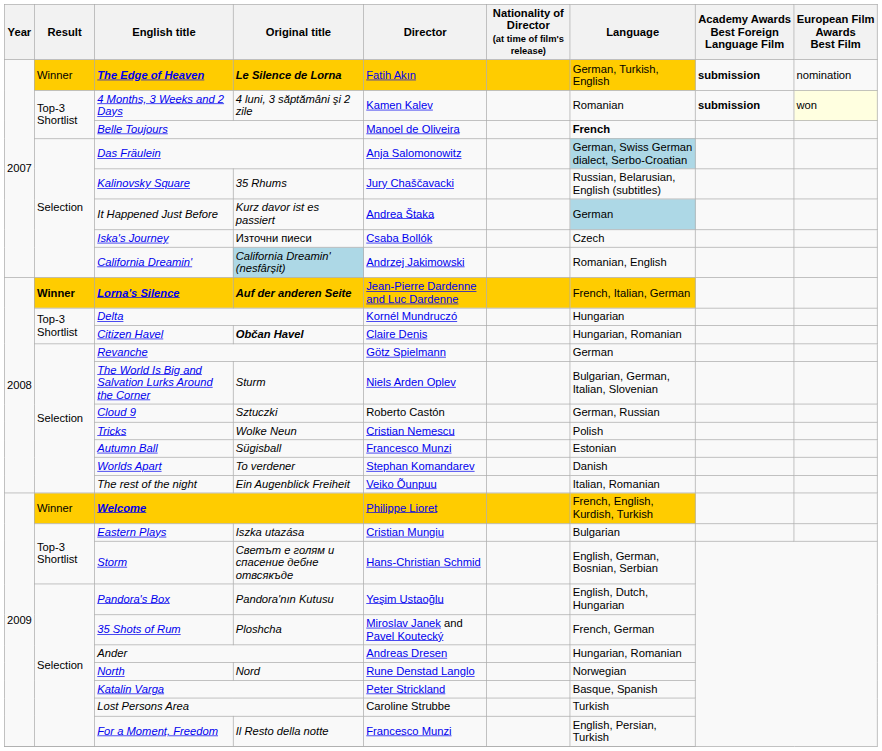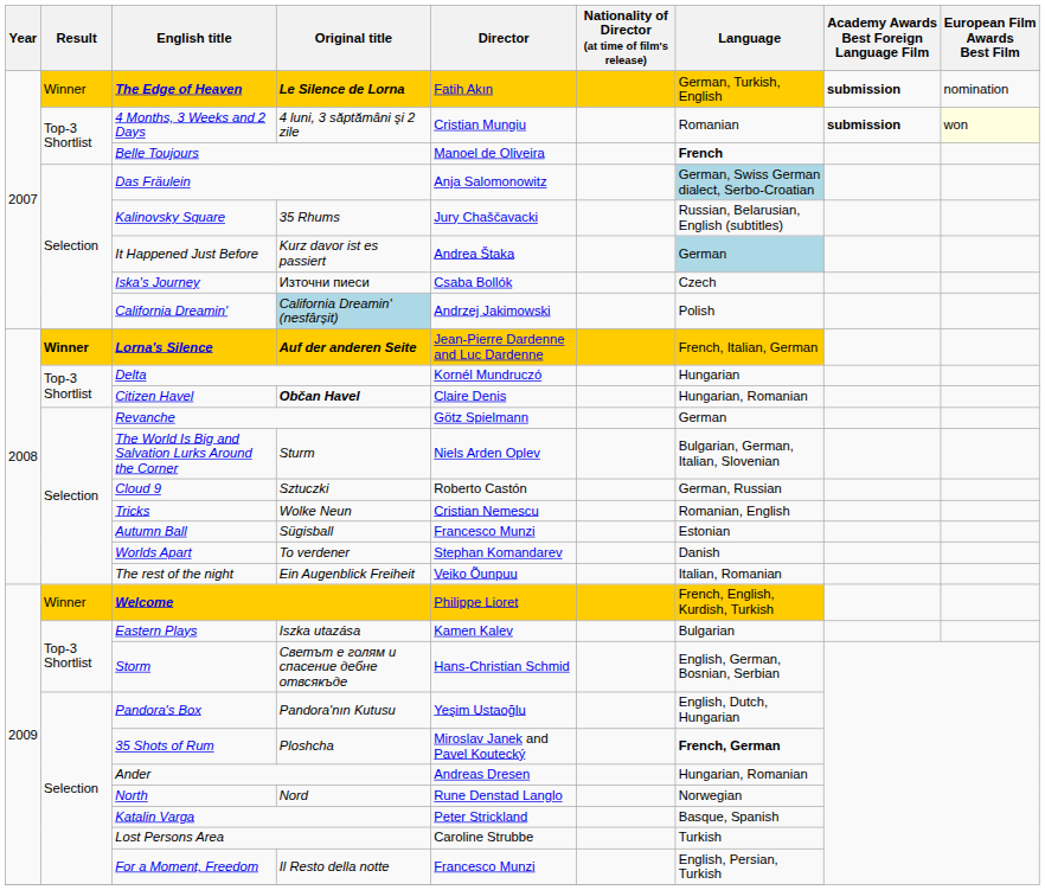 <table class="wikitable">
 <tr>
 <th>Year</th>
 <th>Result</th>
 <th>English title</th>
 <th>Original title</th>
 <th>Director</th>
 <th>Nationality of Director<br><small>(at time of film's release)</small></th>
 <th>Language</th>
 <th>Academy Awards <br>Best Foreign Language Film</th>
 <th>European Film Awards <br>Best Film</th>
 </tr>
 <tr>
 <td rowspan="8">2007</td>
 <td style="background:#FFCC00;">Winner</td>
 <td style="background:#FFCC00;"><strong><em><a href='#'>The Edge of Heaven</a></em></strong></td>
 <td style="background:#FFCC00;"><strong><em>Le Silence de Lorna</em></strong></td>
 <td style="background:#FFCC00;"><a href='#'>Fatih Akın</a></td>
 <td style="background:#FFCC00;"></td>
 <td style="background:#FFCC00;">German, Turkish, English</td>
 <td><strong>submission</strong></td>
 <td>nomination</td>
 </tr>
 <tr>
 <td rowspan="2">Top-3 Shortlist</td>
 <td><em><a href='#'>4 Months, 3 Weeks and 2 Days</a></em></td>
 <td><em>4 luni, 3 săptămâni şi 2 zile</em></td>
-<td><a href='#'>Kamen Kalev</a></td>
+<td><a href='#'>Cristian Mungiu</a></td>
 <td></td>
 <td>Romanian</td>
 <td><strong>submission</strong></td>
 <td style="background: lightyellow;">won</td>
 </tr>
 <tr>
 <td colspan="2"><em><a href='#'>Belle Toujours</a></em></td>
 <td><a href='#'>Manoel de Oliveira</a></td>
 <td></td>
 <td><strong>French</strong></td>
 <td></td>
 <td></td>
 </tr>
 <tr>
 <td rowspan="5">Selection</td>
 <td colspan="2"><em><a href='#'>Das Fräulein</a></em></td>
 <td><a href='#'>Anja Salomonowitz</a></td>
 <td></td>
 <td style="background: lightblue;">German, Swiss German dialect, Serbo-Croatian</td>
 <td></td>
 <td></td>
 </tr>
 <tr>
 <td><em><a href='#'>Kalinovsky Square</a></em></td>
 <td><em>35 Rhums</em></td>
 <td><a href='#'>Jury Chaščavacki</a></td>
 <td></td>
 <td>Russian, Belarusian, English (subtitles)</td>
 <td></td>
 <td></td>
 </tr>
 <tr>
 <td><em>It Happened Just Before</em></td>
 <td><em>Kurz davor ist es passiert</em></td>
 <td><a href='#'>Andrea Štaka</a></td>
 <td></td>
 <td style="background: lightblue;">German</td>
 <td></td>
 <td></td>
 </tr>
 <tr>
 <td><em><a href='#'>Iska's Journey</a></em></td>
 <td>Източни пиеси</td>
 <td><a href='#'>Csaba Bollók</a></td>
 <td></td>
 <td>Czech</td>
 <td></td>
 <td></td>
 </tr>
 <tr>
 <td><em><a href='#'>California Dreamin'</a></em></td>
 <td style="background: lightblue;"><em>California Dreamin' (nesfârșit)</em></td>
 <td><a href='#'>Andrzej Jakimowski</a></td>
 <td></td>
-<td>Romanian, English</td>
+<td>Polish</td>
 <td></td>
 <td></td>
 </tr>
 <tr>
 <td rowspan="10">2008</td>
 <td style="background:#FFCC00;"><strong>Winner</strong></td>
 <td style="background:#FFCC00;"><strong><em><a href='#'>Lorna's Silence</a></em></strong></td>
 <td style="background:#FFCC00;"><strong><em>Auf der anderen Seite</em></strong></td>
 <td style="background:#FFCC00;"><a href='#'>Jean-Pierre Dardenne and Luc Dardenne</a></td>
 <td style="background:#FFCC00;"></td>
 <td style="background:#FFCC00;">French, Italian, German</td>
 <td></td>
 <td></td>
 </tr>
 <tr>
 <td rowspan="2">Top-3 Shortlist</td>
 <td colspan="2"><em><a href='#'>Delta</a></em></td>
 <td><a href='#'>Kornél Mundruczó</a></td>
 <td></td>
 <td>Hungarian</td>
 <td></td>
 <td></td>
 </tr>
 <tr>
 <td><em><a href='#'>Citizen Havel</a></em></td>
 <td><strong><em>Občan Havel</em></strong></td>
 <td><a href='#'>Claire Denis</a></td>
 <td></td>
 <td>Hungarian, Romanian</td>
 <td></td>
 <td></td>
 </tr>
 <tr>
 <td rowspan="7">Selection</td>
 <td colspan="2"><em><a href='#'>Revanche</a></em></td>
 <td><a href='#'>Götz Spielmann</a></td>
 <td></td>
 <td>German</td>
 <td></td>
 <td></td>
 </tr>
 <tr>
 <td><em><a href='#'>The World Is Big and Salvation Lurks Around the Corner</a></em></td>
 <td><em>Sturm</em></td>
 <td><a href='#'>Niels Arden Oplev</a></td>
 <td></td>
 <td>Bulgarian, German, Italian, Slovenian</td>
 <td></td>
 <td></td>
 </tr>
 <tr>
 <td><em><a href='#'>Cloud 9</a></em></td>
 <td><em>Sztuczki</em></td>
 <td>Roberto Castón</td>
 <td></td>
 <td>German, Russian</td>
 <td></td>
 <td></td>
 </tr>
 <tr>
 <td><em><a href='#'>Tricks</a></em></td>
 <td><em>Wolke Neun</em></td>
 <td><a href='#'>Cristian Nemescu</a></td>
 <td></td>
-<td>Polish</td>
+<td>Romanian, English</td>
 <td></td>
 <td></td>
 </tr>
 <tr>
 <td><em><a href='#'>Autumn Ball</a></em></td>
 <td><em>Sügisball</em></td>
 <td><a href='#'>Francesco Munzi</a></td>
 <td></td>
 <td>Estonian</td>
 <td></td>
 <td></td>
 </tr>
 <tr>
 <td><em><a href='#'>Worlds Apart</a></em></td>
 <td><em>To verdener</em></td>
 <td><a href='#'>Stephan Komandarev</a></td>
 <td></td>
 <td>Danish</td>
 <td></td>
 <td></td>
 </tr>
 <tr>
 <td><em>The rest of the night </em></td>
 <td><em>Ein Augenblick Freiheit</em></td>
 <td><a href='#'>Veiko Õunpuu</a></td>
 <td></td>
 <td>Italian, Romanian</td>
 <td></td>
 <td></td>
 </tr>
 <tr>
 <td rowspan="10">2009</td>
 <td style="background:#FFCC00;">Winner</td>
 <td colspan="2" style="background:#FFCC00;"><strong><em><a href='#'>Welcome</a></em></strong></td>
 <td style="background:#FFCC00;"><a href='#'>Philippe Lioret</a></td>
 <td style="background:#FFCC00;"></td>
 <td style="background:#FFCC00;">French, English, Kurdish, Turkish</td>
 <td></td>
 <td></td>
 </tr>
 <tr>
 <td rowspan="2">Top-3 Shortlist</td>
 <td><em><a href='#'>Eastern Plays</a></em></td>
 <td><em>Iszka utazása</em></td>
-<td><a href='#'>Cristian Mungiu</a></td>
+<td><a href='#'>Kamen Kalev</a></td>
 <td></td>
 <td>Bulgarian</td>
 <td></td>
 <td></td>
 </tr>
 <tr>
 <td><em><a href='#'>Storm</a></em></td>
 <td><em>Светът е голям и спасение дебне отвсякъде</em></td>
 <td><a href='#'>Hans-Christian Schmid</a></td>
 <td></td>
 <td>English, German, Bosnian, Serbian</td>
 </tr>
 <tr>
 <td rowspan="7">Selection</td>
 <td><em><a href='#'>Pandora's Box</a></em></td>
 <td><em>Pandora'nın Kutusu</em></td>
 <td><a href='#'>Yeşim Ustaoğlu</a></td>
 <td></td>
 <td>English, Dutch, Hungarian</td>
 </tr>
 <tr>
 <td><em><a href='#'>35 Shots of Rum</a></em></td>
 <td><em>Ploshcha</em></td>
 <td><a href='#'>Miroslav Janek</a> and <a href='#'>Pavel Koutecký</a></td>
 <td></td>
-<td>French, German</td>
+<td><strong>French, German</strong></td>
 </tr>
 <tr>
 <td colspan="2"><em>Ander</em></td>
 <td><a href='#'>Andreas Dresen</a></td>
 <td></td>
 <td>Hungarian, Romanian</td>
 </tr>
 <tr>
 <td><em><a href='#'>North</a></em></td>
 <td><em>Nord</em></td>
 <td><a href='#'>Rune Denstad Langlo</a></td>
 <td></td>
 <td>Norwegian</td>
 </tr>
 <tr>
 <td colspan="2"><em><a href='#'>Katalin Varga</a></em></td>
 <td><a href='#'>Peter Strickland</a></td>
 <td></td>
 <td>Basque, Spanish</td>
 </tr>
 <tr>
 <td colspan="2"><em>Lost Persons Area</em></td>
 <td>Caroline Strubbe</td>
 <td></td>
 <td>Turkish</td>
 </tr>
 <tr>
 <td><em><a href='#'>For a Moment, Freedom</a></em></td>
 <td><em>Il Resto della notte</em></td>
 <td><a href='#'>Francesco Munzi</a></td>
 <td></td>
 <td>English, Persian, Turkish</td>
 </tr>
 <tr>
 </tr>
 </table>
